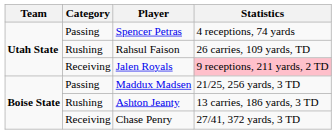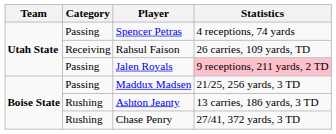 <table class="wikitable" style="float: right;">
 <tr>
 <th>Team</th>
 <th>Category</th>
 <th>Player</th>
 <th>Statistics</th>
 </tr>
 <tr>
 <td rowspan=3><strong>Utah State</strong></td>
 <td>Passing</td>
 <td><a href='#'>Spencer Petras</a></td>
 <td>4 receptions, 74 yards</td>
 </tr>
 <tr>
-<td>Rushing</td>
+<td>Receiving</td>
 <td>Rahsul Faison</td>
 <td>26 carries, 109 yards, TD</td>
 </tr>
 <tr>
-<td>Receiving</td>
+<td>Passing</td>
 <td><a href='#'>Jalen Royals</a></td>
 <td style="background: pink;">9 receptions, 211 yards, 2 TD</td>
 </tr>
 <tr>
 <td rowspan=3><strong>Boise State</strong></td>
 <td>Passing</td>
 <td><a href='#'>Maddux Madsen</a></td>
 <td>21/25, 256 yards, 3 TD</td>
 </tr>
 <tr>
 <td>Rushing</td>
 <td><a href='#'>Ashton Jeanty</a></td>
 <td>13 carries, 186 yards, 3 TD</td>
 </tr>
 <tr>
-<td>Receiving</td>
+<td>Rushing</td>
 <td>Chase Penry</td>
 <td>27/41, 372 yards, 3 TD</td>
 </tr>
 </table>
